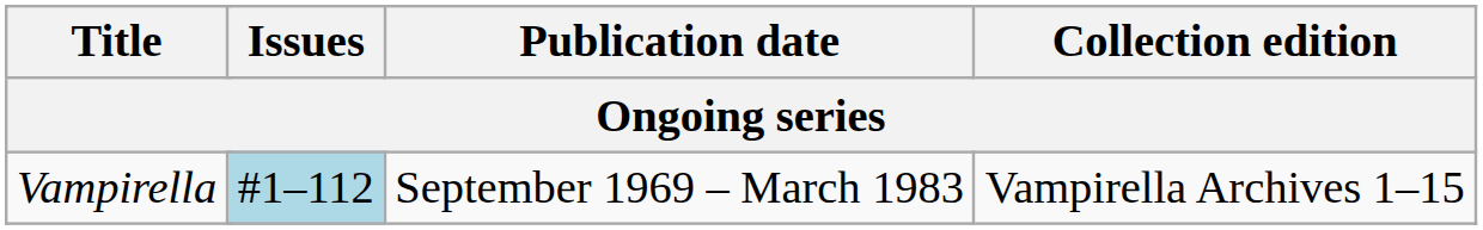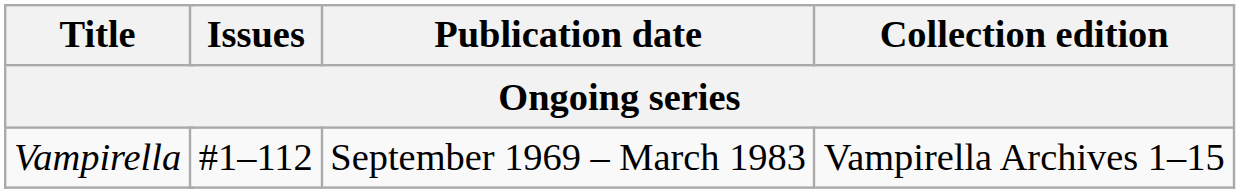 <table class="wikitable">
 <tr>
 <th colspan="2">Title</th>
 <th>Issues</th>
 <th>Publication date</th>
 <th>Collection edition</th>
 </tr>
 <tr>
 <th colspan="5">Ongoing series</th>
 </tr>
 <tr>
 <td colspan="2"><em>Vampirella</em></td>
-<td style="background: lightblue;">#1–112</td>
+<td>#1–112</td>
 <td>September 1969 – March 1983</td>
 <td>Vampirella Archives 1–15</td>
 </tr>
 </table>
